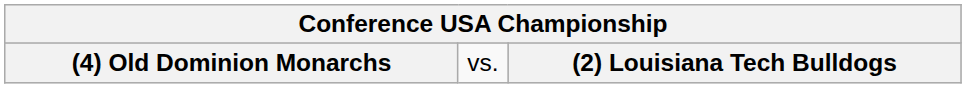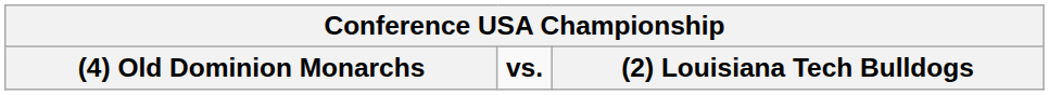 <table class="wikitable">
 <tr>
 <th style="width: 604px;" colspan=3>Conference USA Championship</th>
 </tr>
 <tr>
 <th style="width: 289px; ">(4) Old Dominion Monarchs</th>
-<td style="width: 25px; text-align:center">vs.</td>
+<td style="width: 25px; text-align:center"><strong>vs.</strong></td>
 <th style="width: 289px; ">(2) Louisiana Tech Bulldogs</th>
 </tr>
 </table>
